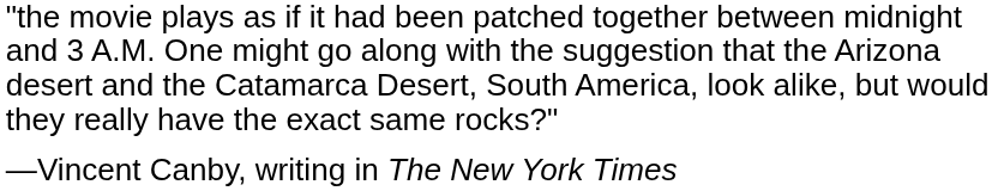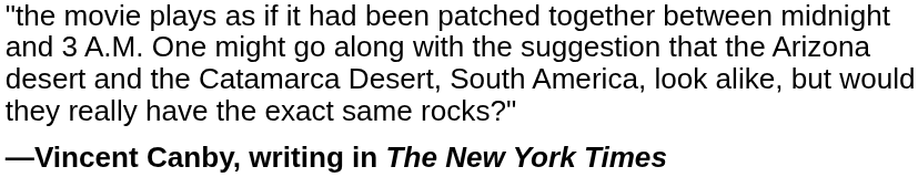 <table class="toccolours" style="float: right; margin-left: 1em; margin-right: 2em; font-size: 85%; color:black; width:40em; max-width: 35%;" cellspacing="5">
 <tr>
 <td style="text-align: left;">"the movie plays as if it had been patched together between midnight and 3 A.M. One might go along with the suggestion that the Arizona desert and the Catamarca Desert, South America, look alike, but would they really have the exact same rocks?"</td>
 </tr>
 <tr>
-<td style="text-align: left;">—Vincent Canby, writing in <em>The New York Times</em></td>
+<td style="text-align: left;"><strong>—Vincent Canby, writing in <em>The New York Times</em></strong></td>
 </tr>
 </table>
